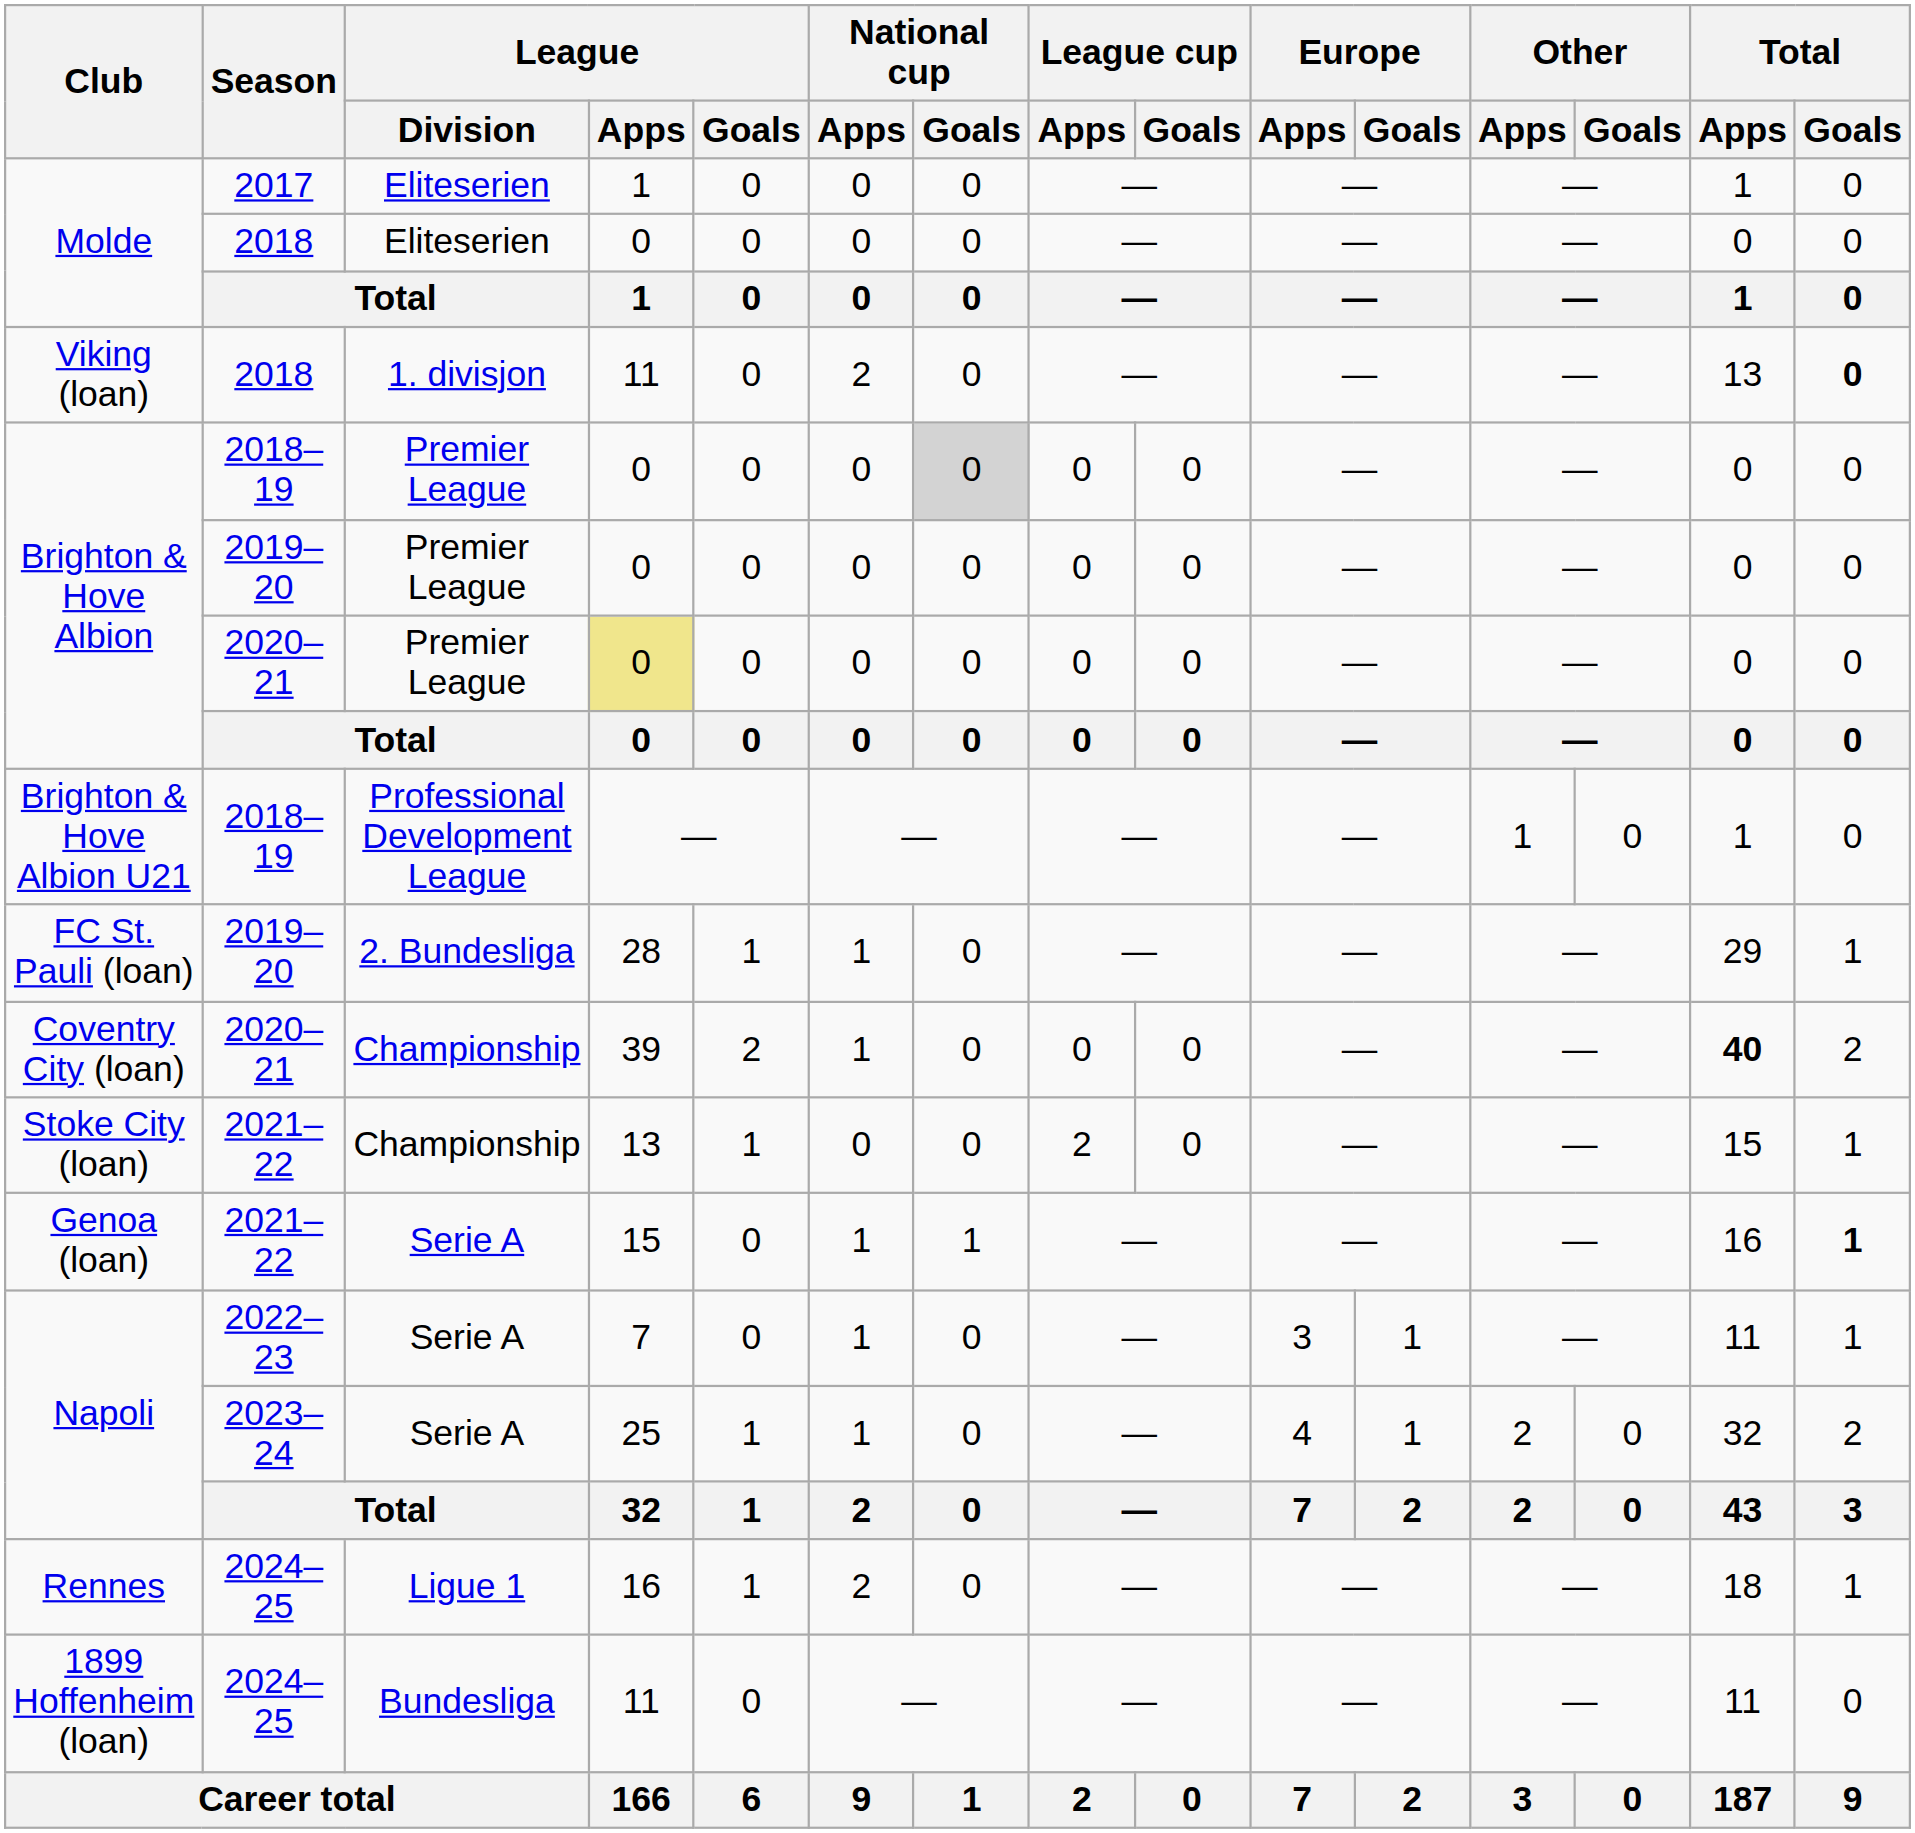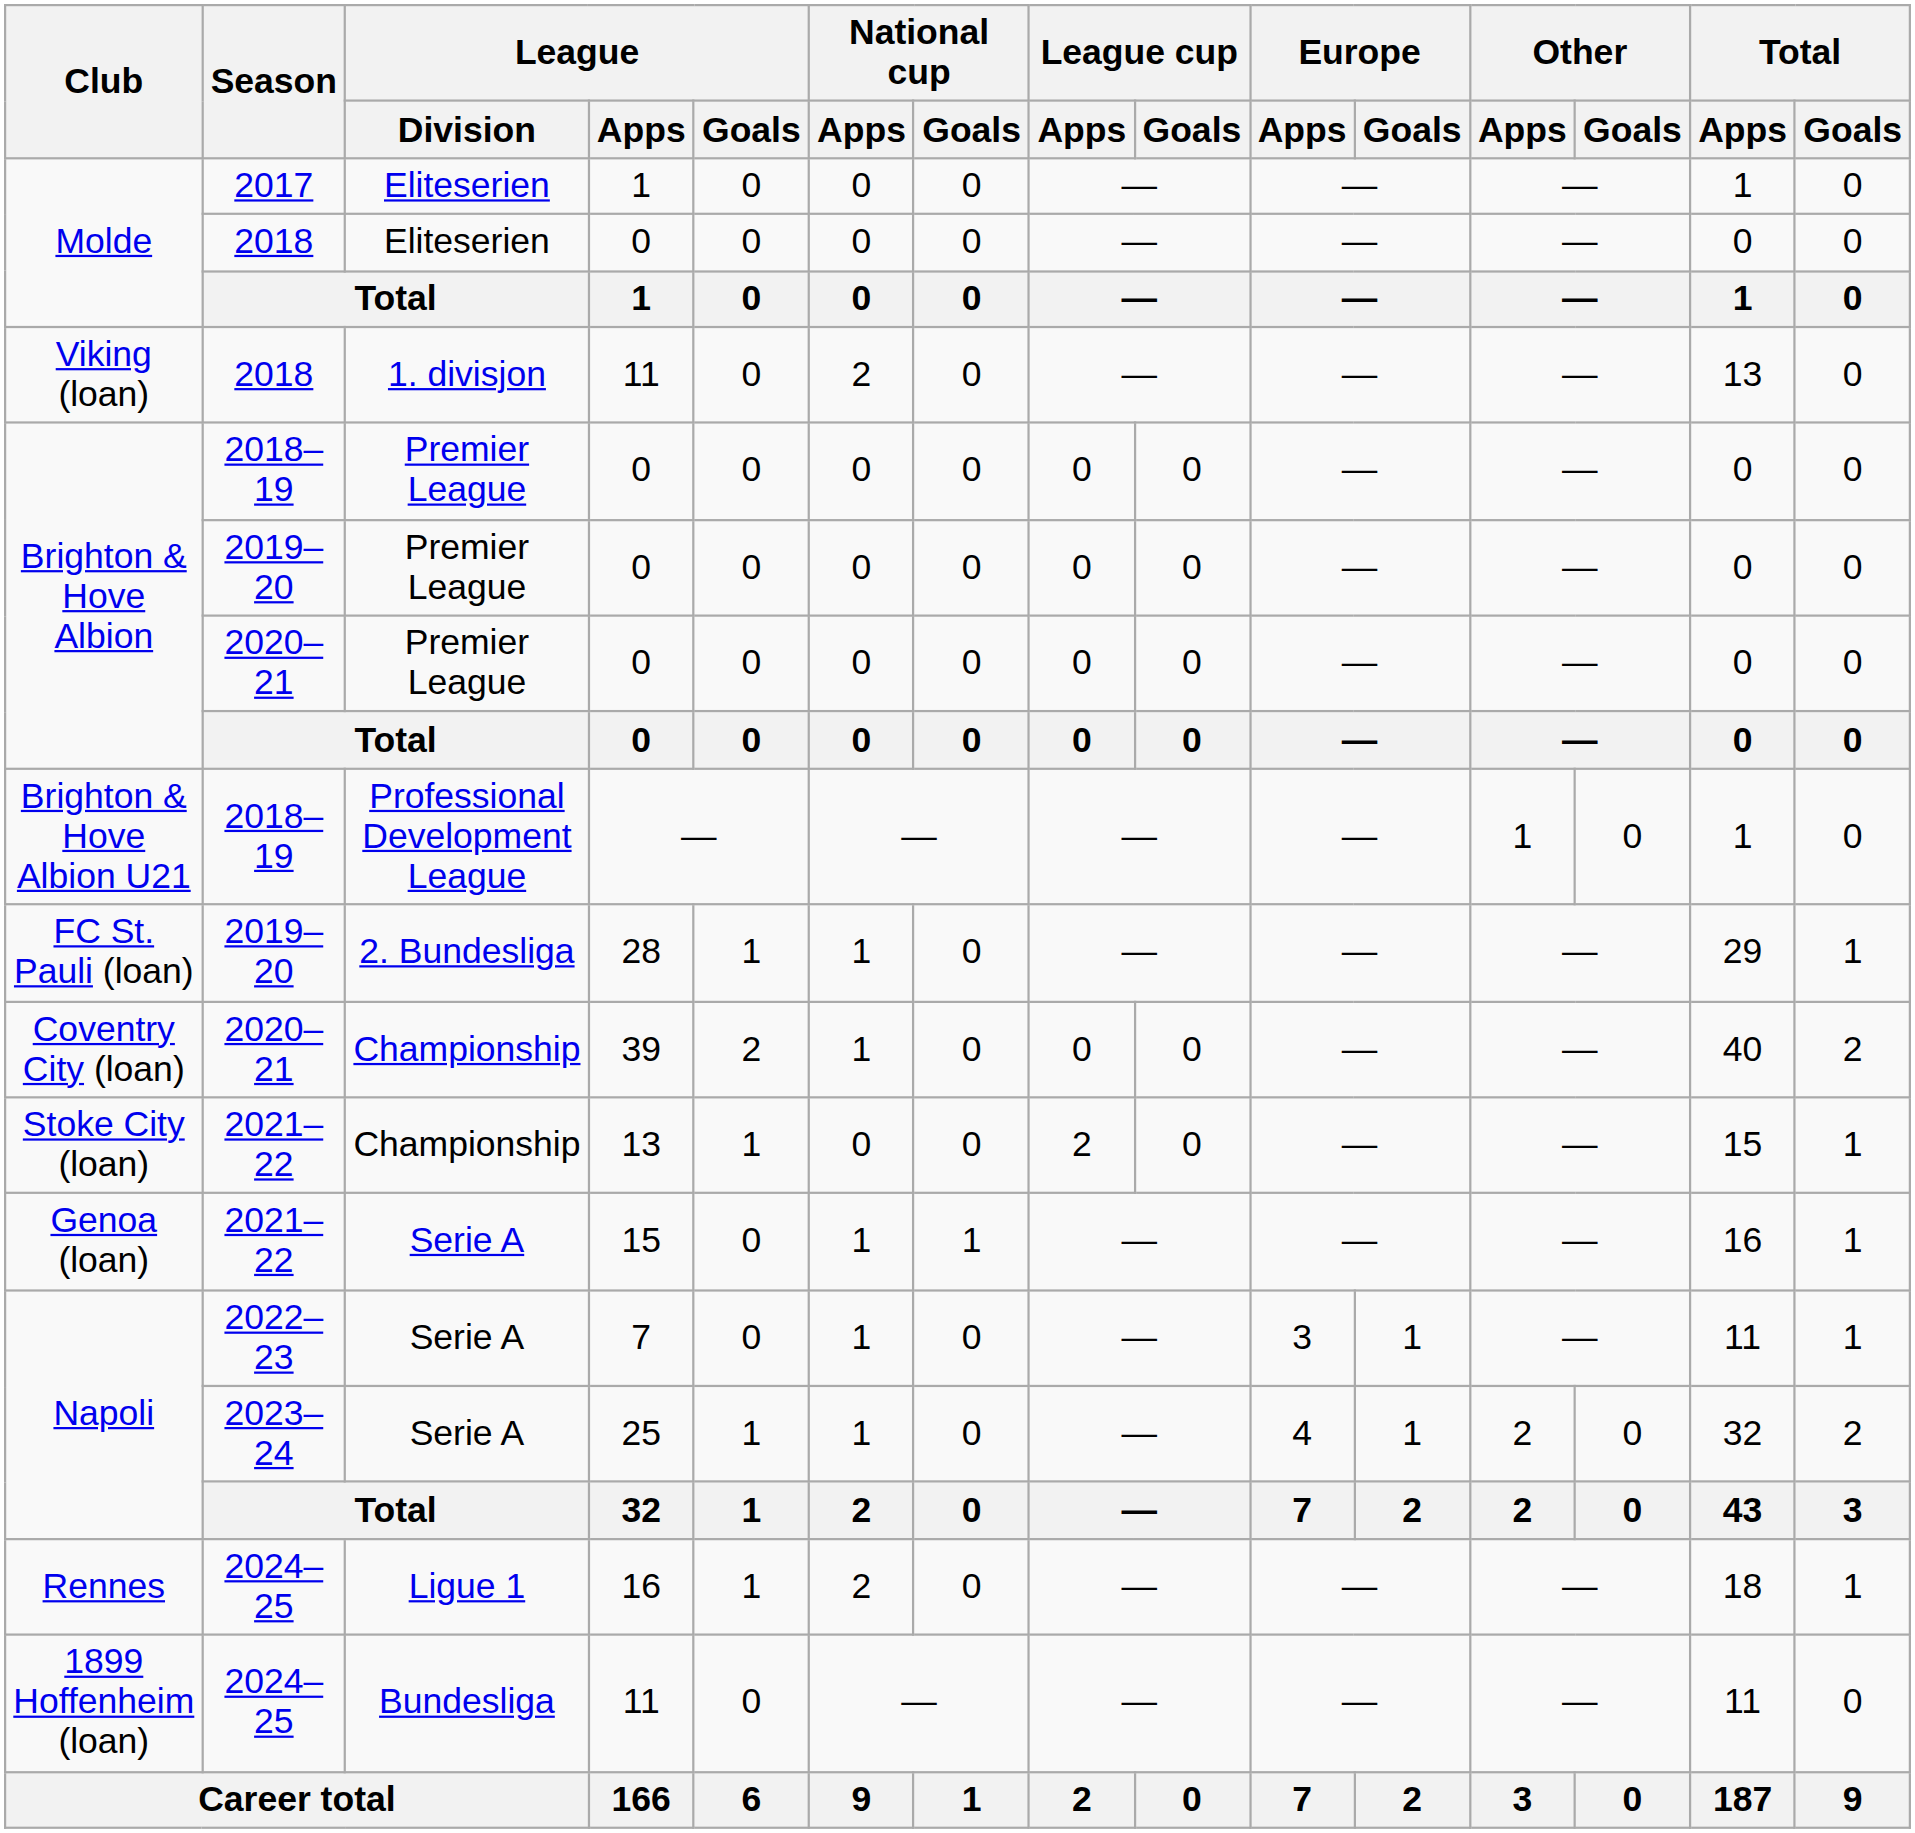 <table class="wikitable" style="text-align:center">
 <tr>
 <th rowspan="2">Club</th>
 <th rowspan="2">Season</th>
 <th colspan="3">League</th>
 <th colspan="2">National cup</th>
 <th colspan="2">League cup</th>
 <th colspan="2">Europe</th>
 <th colspan="2">Other</th>
 <th colspan="2">Total</th>
 </tr>
 <tr>
 <th>Division</th>
 <th>Apps</th>
 <th>Goals</th>
 <th>Apps</th>
 <th>Goals</th>
 <th>Apps</th>
 <th>Goals</th>
 <th>Apps</th>
 <th>Goals</th>
 <th>Apps</th>
 <th>Goals</th>
 <th>Apps</th>
 <th>Goals</th>
 </tr>
 <tr>
 <td rowspan="3"><a href='#'>Molde</a></td>
 <td><a href='#'>2017</a></td>
 <td><a href='#'>Eliteserien</a></td>
 <td>1</td>
 <td>0</td>
 <td>0</td>
 <td>0</td>
 <td colspan="2">—</td>
 <td colspan="2">—</td>
 <td colspan="2">—</td>
 <td>1</td>
 <td>0</td>
 </tr>
 <tr>
 <td><a href='#'>2018</a></td>
 <td>Eliteserien</td>
 <td>0</td>
 <td>0</td>
 <td>0</td>
 <td>0</td>
 <td colspan="2">—</td>
 <td colspan="2">—</td>
 <td colspan="2">—</td>
 <td>0</td>
 <td>0</td>
 </tr>
 <tr>
 <th colspan="2">Total</th>
 <th>1</th>
 <th>0</th>
 <th>0</th>
 <th>0</th>
 <th colspan="2">—</th>
 <th colspan="2">—</th>
 <th colspan="2">—</th>
 <th>1</th>
 <th>0</th>
 </tr>
 <tr>
 <td><a href='#'>Viking</a> (loan)</td>
 <td><a href='#'>2018</a></td>
 <td><a href='#'>1. divisjon</a></td>
 <td>11</td>
 <td>0</td>
 <td>2</td>
 <td>0</td>
 <td colspan="2">—</td>
 <td colspan="2">—</td>
 <td colspan="2">—</td>
 <td>13</td>
-<td><strong>0</strong></td>
+<td>0</td>
 </tr>
 <tr>
 <td rowspan="4"><a href='#'>Brighton & Hove Albion</a></td>
 <td><a href='#'>2018–19</a></td>
 <td><a href='#'>Premier League</a></td>
 <td>0</td>
 <td>0</td>
 <td>0</td>
-<td style="background: lightgrey;">0</td>
+<td>0</td>
 <td>0</td>
 <td>0</td>
 <td colspan="2">—</td>
 <td colspan="2">—</td>
 <td>0</td>
 <td>0</td>
 </tr>
 <tr>
 <td><a href='#'>2019–20</a></td>
 <td>Premier League</td>
 <td>0</td>
 <td>0</td>
 <td>0</td>
 <td>0</td>
 <td>0</td>
 <td>0</td>
 <td colspan="2">—</td>
 <td colspan="2">—</td>
 <td>0</td>
 <td>0</td>
 </tr>
 <tr>
 <td><a href='#'>2020–21</a></td>
 <td>Premier League</td>
-<td style="background: khaki;">0</td>
+<td>0</td>
 <td>0</td>
 <td>0</td>
 <td>0</td>
 <td>0</td>
 <td>0</td>
 <td colspan="2">—</td>
 <td colspan="2">—</td>
 <td>0</td>
 <td>0</td>
 </tr>
 <tr>
 <th colspan="2">Total</th>
 <th>0</th>
 <th>0</th>
 <th>0</th>
 <th>0</th>
 <th>0</th>
 <th>0</th>
 <th colspan="2">—</th>
 <th colspan="2">—</th>
 <th>0</th>
 <th>0</th>
 </tr>
 <tr>
 <td><a href='#'>Brighton & Hove Albion U21</a></td>
 <td><a href='#'>2018–19</a></td>
 <td><a href='#'>Professional Development League</a></td>
 <td colspan="2">—</td>
 <td colspan="2">—</td>
 <td colspan="2">—</td>
 <td colspan="2">—</td>
 <td>1</td>
 <td>0</td>
 <td>1</td>
 <td>0</td>
 </tr>
 <tr>
 <td><a href='#'>FC St. Pauli</a> (loan)</td>
 <td><a href='#'>2019–20</a></td>
 <td><a href='#'>2. Bundesliga</a></td>
 <td>28</td>
 <td>1</td>
 <td>1</td>
 <td>0</td>
 <td colspan="2">—</td>
 <td colspan="2">—</td>
 <td colspan="2">—</td>
 <td>29</td>
 <td>1</td>
 </tr>
 <tr>
 <td><a href='#'>Coventry City</a> (loan)</td>
 <td><a href='#'>2020–21</a></td>
 <td><a href='#'>Championship</a></td>
 <td>39</td>
 <td>2</td>
 <td>1</td>
 <td>0</td>
 <td>0</td>
 <td>0</td>
 <td colspan="2">—</td>
 <td colspan="2">—</td>
-<td><strong>40</strong></td>
+<td>40</td>
 <td>2</td>
 </tr>
 <tr>
 <td><a href='#'>Stoke City</a> (loan)</td>
 <td><a href='#'>2021–22</a></td>
 <td>Championship</td>
 <td>13</td>
 <td>1</td>
 <td>0</td>
 <td>0</td>
 <td>2</td>
 <td>0</td>
 <td colspan="2">—</td>
 <td colspan="2">—</td>
 <td>15</td>
 <td>1</td>
 </tr>
 <tr>
 <td><a href='#'>Genoa</a> (loan)</td>
 <td><a href='#'>2021–22</a></td>
 <td><a href='#'>Serie A</a></td>
 <td>15</td>
 <td>0</td>
 <td>1</td>
 <td>1</td>
 <td colspan="2">—</td>
 <td colspan="2">—</td>
 <td colspan="2">—</td>
 <td>16</td>
-<td><strong>1</strong></td>
+<td>1</td>
 </tr>
 <tr>
 <td rowspan="3"><a href='#'>Napoli</a></td>
 <td><a href='#'>2022–23</a></td>
 <td>Serie A</td>
 <td>7</td>
 <td>0</td>
 <td>1</td>
 <td>0</td>
 <td colspan="2">—</td>
 <td>3</td>
 <td>1</td>
 <td colspan="2">—</td>
 <td>11</td>
 <td>1</td>
 </tr>
 <tr>
 <td><a href='#'>2023–24</a></td>
 <td>Serie A</td>
 <td>25</td>
 <td>1</td>
 <td>1</td>
 <td>0</td>
 <td colspan="2">—</td>
 <td>4</td>
 <td>1</td>
 <td>2</td>
 <td>0</td>
 <td>32</td>
 <td>2</td>
 </tr>
 <tr>
 <th colspan="2">Total</th>
 <th>32</th>
 <th>1</th>
 <th>2</th>
 <th>0</th>
 <th colspan="2">—</th>
 <th>7</th>
 <th>2</th>
 <th>2</th>
 <th>0</th>
 <th>43</th>
 <th>3</th>
 </tr>
 <tr>
 <td><a href='#'>Rennes</a></td>
 <td><a href='#'>2024–25</a></td>
 <td><a href='#'>Ligue 1</a></td>
 <td>16</td>
 <td>1</td>
 <td>2</td>
 <td>0</td>
 <td colspan="2">—</td>
 <td colspan="2">—</td>
 <td colspan="2">—</td>
 <td>18</td>
 <td>1</td>
 </tr>
 <tr>
 <td><a href='#'>1899 Hoffenheim</a> (loan)</td>
 <td><a href='#'>2024–25</a></td>
 <td><a href='#'>Bundesliga</a></td>
 <td>11</td>
 <td>0</td>
 <td colspan="2">—</td>
 <td colspan="2">—</td>
 <td colspan="2">—</td>
 <td colspan="2">—</td>
 <td>11</td>
 <td>0</td>
 </tr>
 <tr>
 <th colspan="3">Career total</th>
 <th>166</th>
 <th>6</th>
 <th>9</th>
 <th>1</th>
 <th>2</th>
 <th>0</th>
 <th>7</th>
 <th>2</th>
 <th>3</th>
 <th>0</th>
 <th>187</th>
 <th>9</th>
 </tr>
 </table>
